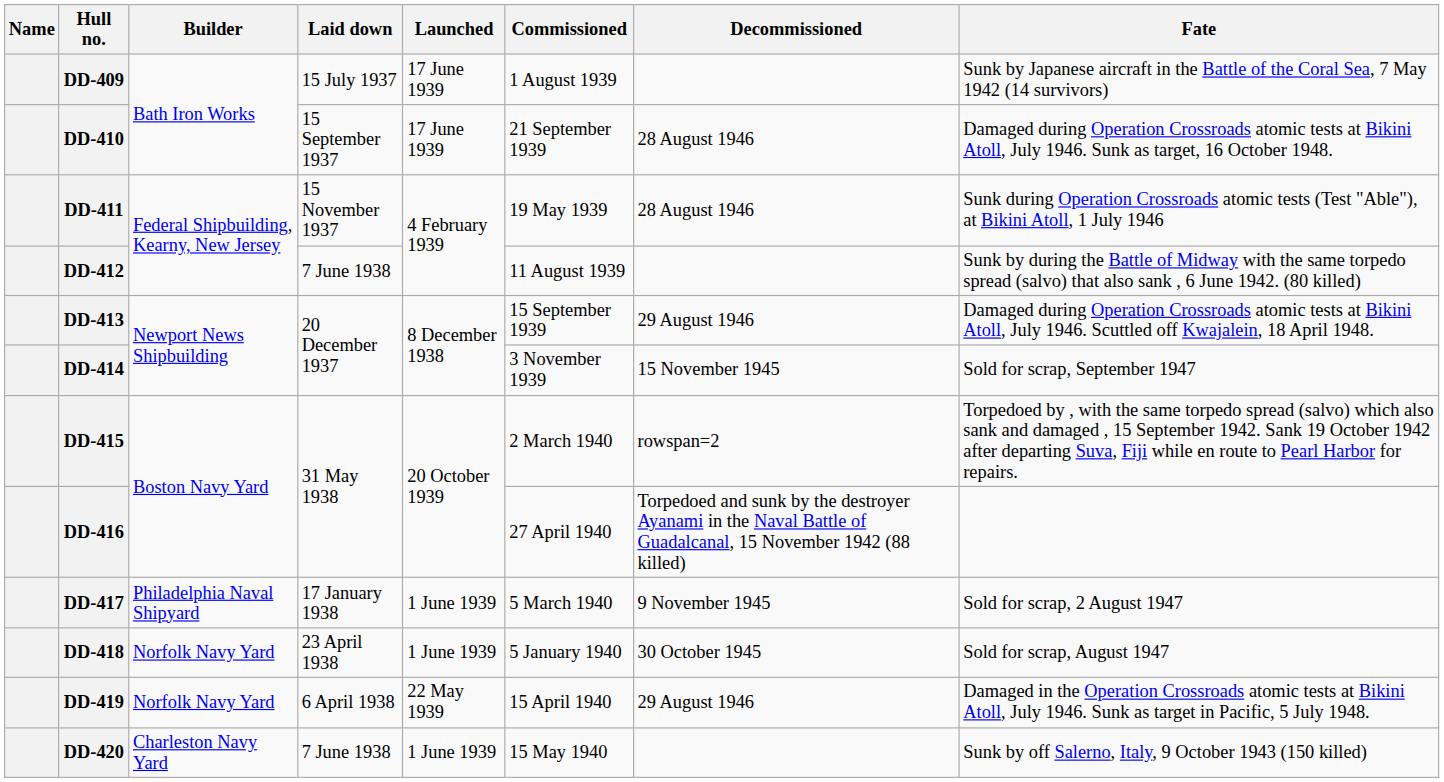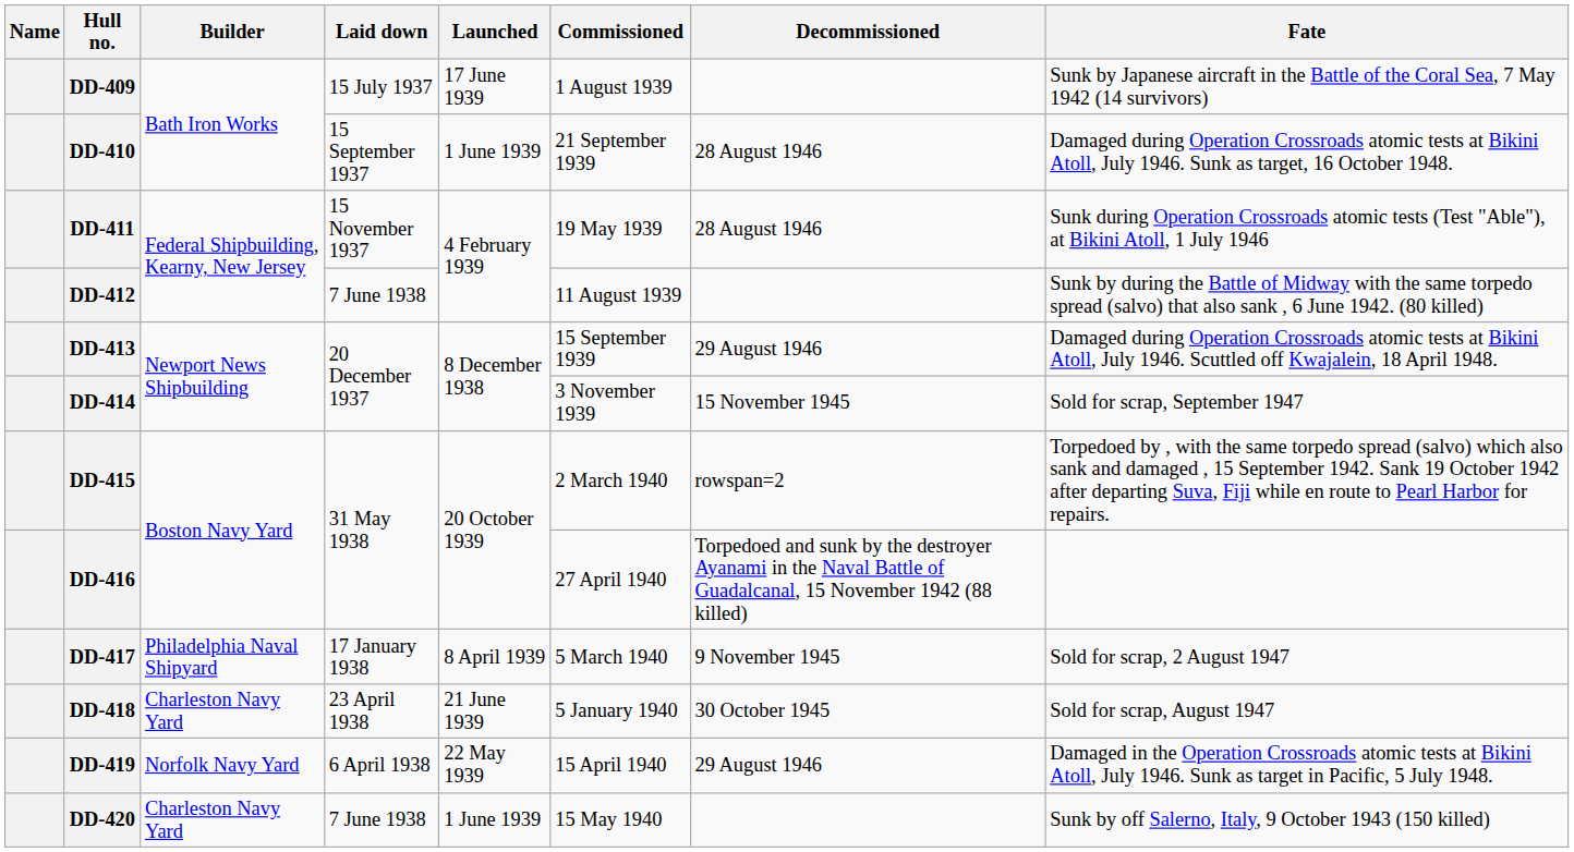 <table class="wikitable sortable plainrowheaders">
 <tr>
 <th scope="col">Name</th>
 <th scope="col">Hull no.</th>
 <th scope="col" style="max-width: 9em;">Builder</th>
 <th scope="col" style="max-width: 6em;">Laid down</th>
 <th scope="col" style="max-width: 6em;">Launched</th>
 <th scope="col" style="max-width: 6em;">Commissioned</th>
 <th scope="col" style="max-width: 6em;">Decommissioned</th>
 <th scope="col">Fate</th>
 </tr>
 <tr>
 <th scope="row"></th>
 <th scope="row" style="white-space: nowrap;">DD-409</th>
 <td rowspan=2><a href='#'>Bath Iron Works</a></td>
 <td>15 July 1937</td>
 <td>17 June 1939</td>
 <td>1 August 1939</td>
 <td></td>
 <td data-sort-value="7 May 1942">Sunk by Japanese aircraft in the <a href='#'>Battle of the Coral Sea</a>, 7 May 1942 (14 survivors)</td>
 </tr>
 <tr>
 <th scope="row"></th>
 <th scope="row">DD-410</th>
 <td>15 September 1937</td>
-<td>17 June 1939</td>
+<td>1 June 1939</td>
 <td>21 September 1939</td>
 <td>28 August 1946</td>
 <td data-sort-value="16 October 1948">Damaged during <a href='#'>Operation Crossroads</a> atomic tests at <a href='#'>Bikini Atoll</a>, July 1946. Sunk as target, 16 October 1948.</td>
 </tr>
 <tr>
 <th scope="row"></th>
 <th scope="row">DD-411</th>
 <td rowspan=2><a href='#'>Federal Shipbuilding</a>, <a href='#'>Kearny, New Jersey</a></td>
 <td>15 November 1937</td>
 <td rowspan=2>4 February 1939</td>
 <td>19 May 1939</td>
 <td>28 August 1946</td>
 <td data-sort-value="1 July 1946">Sunk during <a href='#'>Operation Crossroads</a> atomic tests (Test "Able"), at <a href='#'>Bikini Atoll</a>, 1 July 1946</td>
 </tr>
 <tr>
 <th scope="row"></th>
 <th scope="row">DD-412</th>
 <td>7 June 1938</td>
 <td>11 August 1939</td>
 <td></td>
 <td data-sort-value="6 June 1942">Sunk by  during the <a href='#'>Battle of Midway</a> with the same torpedo spread (salvo) that also sank , 6 June 1942. (80 killed)</td>
 </tr>
 <tr>
 <th scope="row"></th>
 <th scope="row">DD-413</th>
 <td rowspan=2><a href='#'>Newport News Shipbuilding</a></td>
 <td rowspan=2>20 December 1937</td>
 <td rowspan=2>8 December 1938</td>
 <td>15 September 1939</td>
 <td>29 August 1946</td>
 <td data-sort-value="18 April 1948">Damaged during <a href='#'>Operation Crossroads</a> atomic tests at <a href='#'>Bikini Atoll</a>, July 1946. Scuttled off <a href='#'>Kwajalein</a>, 18 April 1948.</td>
 </tr>
 <tr>
 <th scope="row"></th>
 <th scope="row">DD-414</th>
 <td>3 November 1939</td>
 <td>15 November 1945</td>
 <td data-sort-value="September 1947">Sold for scrap, September 1947</td>
 </tr>
 <tr>
 <th scope="row"></th>
 <th scope="row">DD-415</th>
 <td rowspan=2><a href='#'>Boston Navy Yard</a></td>
 <td rowspan=2>31 May 1938</td>
 <td rowspan=2>20 October 1939</td>
 <td>2 March 1940</td>
 <td>rowspan=2 </td>
 <td data-sort-value="19 October 1942">Torpedoed by , with the same torpedo spread (salvo) which also sank  and damaged , 15 September 1942. Sank 19 October 1942 after departing <a href='#'>Suva</a>, <a href='#'>Fiji</a> while en route to <a href='#'>Pearl Harbor</a> for repairs.</td>
 </tr>
 <tr>
 <th scope="row"></th>
 <th scope="row">DD-416</th>
 <td>27 April 1940</td>
 <td data-sort-value="15 November 1942">Torpedoed and sunk by the destroyer <a href='#'>Ayanami</a> in the <a href='#'>Naval Battle of Guadalcanal</a>, 15 November 1942 (88 killed)</td>
 </tr>
 <tr>
 <th scope="row"></th>
 <th scope="row">DD-417</th>
 <td><a href='#'>Philadelphia Naval Shipyard</a></td>
 <td>17 January 1938</td>
-<td>1 June 1939</td>
+<td>8 April 1939</td>
 <td>5 March 1940</td>
 <td>9 November 1945</td>
 <td data-sort-value="2 August 1947">Sold for scrap, 2 August 1947</td>
 </tr>
 <tr>
 <th scope="row"></th>
 <th scope="row">DD-418</th>
-<td><a href='#'>Norfolk Navy Yard</a></td>
+<td><a href='#'>Charleston Navy Yard</a></td>
 <td>23 April 1938</td>
-<td>1 June 1939</td>
+<td>21 June 1939</td>
 <td>5 January 1940</td>
 <td>30 October 1945</td>
 <td data-sort-value="August 1947">Sold for scrap, August 1947</td>
 </tr>
 <tr>
 <th scope="row"></th>
 <th scope="row">DD-419</th>
 <td><a href='#'>Norfolk Navy Yard</a></td>
 <td>6 April 1938</td>
 <td>22 May 1939</td>
 <td>15 April 1940</td>
 <td>29 August 1946</td>
 <td data-sort-value="5 July 1948">Damaged in the <a href='#'>Operation Crossroads</a> atomic tests at <a href='#'>Bikini Atoll</a>, July 1946. Sunk as target in Pacific, 5 July 1948.</td>
 </tr>
 <tr>
 <th scope="row"></th>
 <th scope="row">DD-420</th>
 <td><a href='#'>Charleston Navy Yard</a></td>
 <td>7 June 1938</td>
 <td>1 June 1939</td>
 <td>15 May 1940</td>
 <td></td>
 <td data-sort-value="9 October 1943">Sunk by  off <a href='#'>Salerno</a>, <a href='#'>Italy</a>, 9 October 1943 (150 killed)</td>
 </tr>
 </table>
